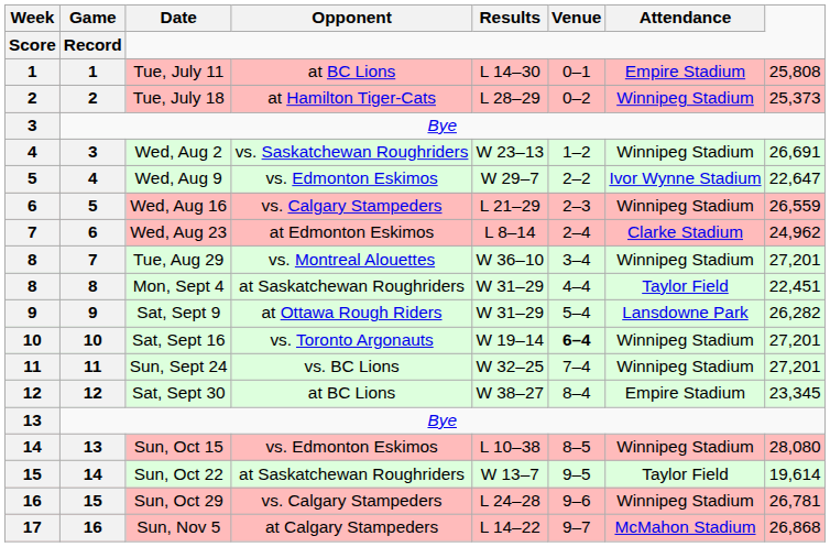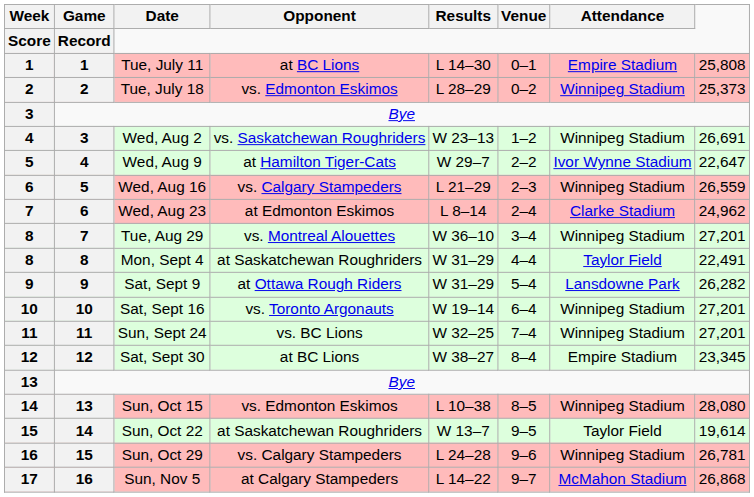 <table class="wikitable" style="text-align:center">
 <tr>
 <th>Week</th>
 <th>Game</th>
 <th>Date</th>
 <th>Opponent</th>
 <th>Results</th>
 <th>Venue</th>
 <th>Attendance</th>
 </tr>
 <tr>
 <th>Score</th>
 <th>Record</th>
 </tr>
 <tr style="background:#ffbbbb">
 <th>1</th>
 <th>1</th>
 <td>Tue, July 11</td>
 <td>at <a href='#'>BC Lions</a></td>
 <td>L 14–30</td>
 <td>0–1</td>
 <td><a href='#'>Empire Stadium</a></td>
 <td>25,808</td>
 </tr>
 <tr style="background:#ffbbbb">
 <th>2</th>
 <th>2</th>
 <td>Tue, July 18</td>
-<td>at <a href='#'>Hamilton Tiger-Cats</a></td>
+<td>vs. <a href='#'>Edmonton Eskimos</a></td>
 <td>L 28–29</td>
 <td>0–2</td>
 <td><a href='#'>Winnipeg Stadium</a></td>
 <td>25,373</td>
 </tr>
 <tr>
 <th>3</th>
 <td colspan=7><em><a href='#'>Bye</a></em></td>
 </tr>
 <tr style="background:#ddffdd">
 <th>4</th>
 <th>3</th>
 <td>Wed, Aug 2</td>
 <td>vs. <a href='#'>Saskatchewan Roughriders</a></td>
 <td>W 23–13</td>
 <td>1–2</td>
 <td>Winnipeg Stadium</td>
 <td>26,691</td>
 </tr>
 <tr style="background:#ddffdd">
 <th>5</th>
 <th>4</th>
 <td>Wed, Aug 9</td>
-<td>vs. <a href='#'>Edmonton Eskimos</a></td>
+<td>at <a href='#'>Hamilton Tiger-Cats</a></td>
 <td>W 29–7</td>
 <td>2–2</td>
 <td><a href='#'>Ivor Wynne Stadium</a></td>
 <td>22,647</td>
 </tr>
 <tr style="background:#ffbbbb">
 <th>6</th>
 <th>5</th>
 <td>Wed, Aug 16</td>
 <td>vs. <a href='#'>Calgary Stampeders</a></td>
 <td>L 21–29</td>
 <td>2–3</td>
 <td>Winnipeg Stadium</td>
 <td>26,559</td>
 </tr>
 <tr style="background:#ffbbbb">
 <th>7</th>
 <th>6</th>
 <td>Wed, Aug 23</td>
 <td>at Edmonton Eskimos</td>
 <td>L 8–14</td>
 <td>2–4</td>
 <td><a href='#'>Clarke Stadium</a></td>
 <td>24,962</td>
 </tr>
 <tr style="background:#ddffdd">
 <th>8</th>
 <th>7</th>
 <td>Tue, Aug 29</td>
 <td>vs. <a href='#'>Montreal Alouettes</a></td>
 <td>W 36–10</td>
 <td>3–4</td>
 <td>Winnipeg Stadium</td>
 <td>27,201</td>
 </tr>
 <tr style="background:#ddffdd">
 <th>8</th>
 <th>8</th>
 <td>Mon, Sept 4</td>
 <td>at Saskatchewan Roughriders</td>
 <td>W 31–29</td>
 <td>4–4</td>
 <td><a href='#'>Taylor Field</a></td>
-<td>22,451</td>
+<td>22,491</td>
 </tr>
 <tr style="background:#ddffdd">
 <th>9</th>
 <th>9</th>
 <td>Sat, Sept 9</td>
 <td>at <a href='#'>Ottawa Rough Riders</a></td>
 <td>W 31–29</td>
 <td>5–4</td>
 <td><a href='#'>Lansdowne Park</a></td>
 <td>26,282</td>
 </tr>
 <tr style="background:#ddffdd">
 <th>10</th>
 <th>10</th>
 <td>Sat, Sept 16</td>
 <td>vs. <a href='#'>Toronto Argonauts</a></td>
 <td>W 19–14</td>
-<td><strong>6–4</strong></td>
+<td>6–4</td>
 <td>Winnipeg Stadium</td>
 <td>27,201</td>
 </tr>
 <tr style="background:#ddffdd">
 <th>11</th>
 <th>11</th>
 <td>Sun, Sept 24</td>
 <td>vs. BC Lions</td>
 <td>W 32–25</td>
 <td>7–4</td>
 <td>Winnipeg Stadium</td>
 <td>27,201</td>
 </tr>
 <tr style="background:#ddffdd">
 <th>12</th>
 <th>12</th>
 <td>Sat, Sept 30</td>
 <td>at BC Lions</td>
 <td>W 38–27</td>
 <td>8–4</td>
 <td>Empire Stadium</td>
 <td>23,345</td>
 </tr>
 <tr>
 <th>13</th>
 <td colspan=7><em><a href='#'>Bye</a></em></td>
 </tr>
 <tr style="background:#ffbbbb">
 <th>14</th>
 <th>13</th>
 <td>Sun, Oct 15</td>
 <td>vs. Edmonton Eskimos</td>
 <td>L 10–38</td>
 <td>8–5</td>
 <td>Winnipeg Stadium</td>
 <td>28,080</td>
 </tr>
 <tr style="background:#ddffdd">
 <th>15</th>
 <th>14</th>
 <td>Sun, Oct 22</td>
 <td>at Saskatchewan Roughriders</td>
 <td>W 13–7</td>
 <td>9–5</td>
 <td>Taylor Field</td>
 <td>19,614</td>
 </tr>
 <tr style="background:#ffbbbb">
 <th>16</th>
 <th>15</th>
 <td>Sun, Oct 29</td>
 <td>vs. Calgary Stampeders</td>
 <td>L 24–28</td>
 <td>9–6</td>
 <td>Winnipeg Stadium</td>
 <td>26,781</td>
 </tr>
 <tr style="background:#ffbbbb">
 <th>17</th>
 <th>16</th>
 <td>Sun, Nov 5</td>
 <td>at Calgary Stampeders</td>
 <td>L 14–22</td>
 <td>9–7</td>
 <td><a href='#'>McMahon Stadium</a></td>
 <td>26,868</td>
 </tr>
 </table>
